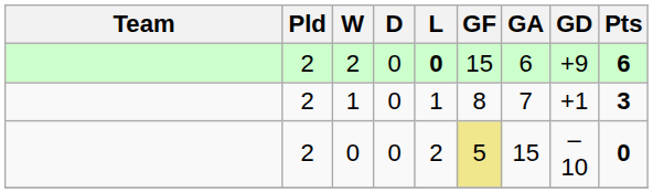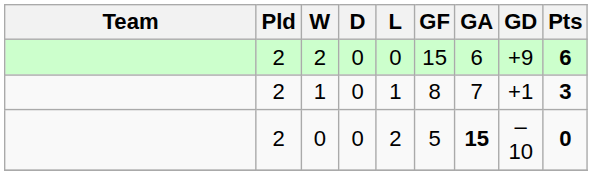 <table class="wikitable" style="text-align: center;">
 <tr>
 <th width="175">Team</th>
 <th width="20">Pld</th>
 <th width="20">W</th>
 <th width="20">D</th>
 <th width="20">L</th>
 <th width="20">GF</th>
 <th width="20">GA</th>
 <th width="25">GD</th>
 <th width="20">Pts<br></th>
 </tr>
 <tr align=center bgcolor="ccffcc">
 <td style="text-align:left;"></td>
 <td>2</td>
 <td>2</td>
 <td>0</td>
-<td><strong>0</strong></td>
+<td>0</td>
 <td>15</td>
 <td>6</td>
 <td>+9</td>
 <td><strong>6</strong></td>
 </tr>
 <tr align=center>
 <td style="text-align:left;"></td>
 <td>2</td>
 <td>1</td>
 <td>0</td>
 <td>1</td>
 <td>8</td>
 <td>7</td>
 <td>+1</td>
 <td><strong>3</strong></td>
 </tr>
 <tr align=center>
 <td style="text-align:left;"></td>
 <td>2</td>
 <td>0</td>
 <td>0</td>
 <td>2</td>
-<td style="background: khaki;">5</td>
-<td>15</td>
+<td>5</td>
+<td><strong>15</strong></td>
 <td>–10</td>
 <td><strong>0</strong></td>
 </tr>
 <tr align=center>
 </tr>
 </table>
